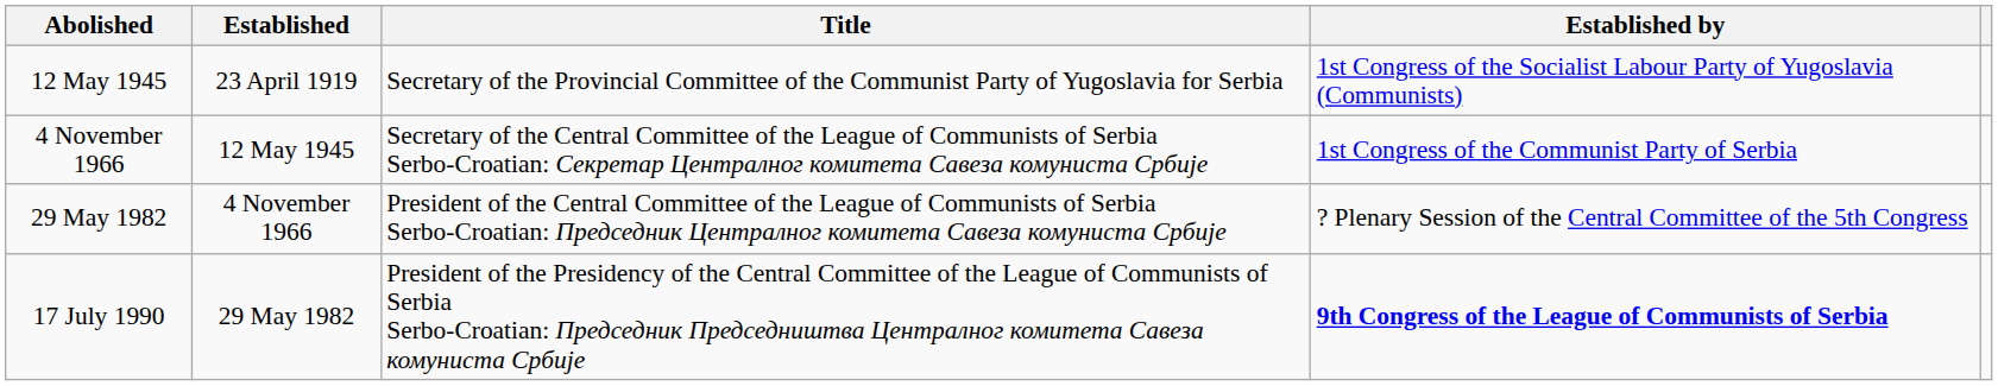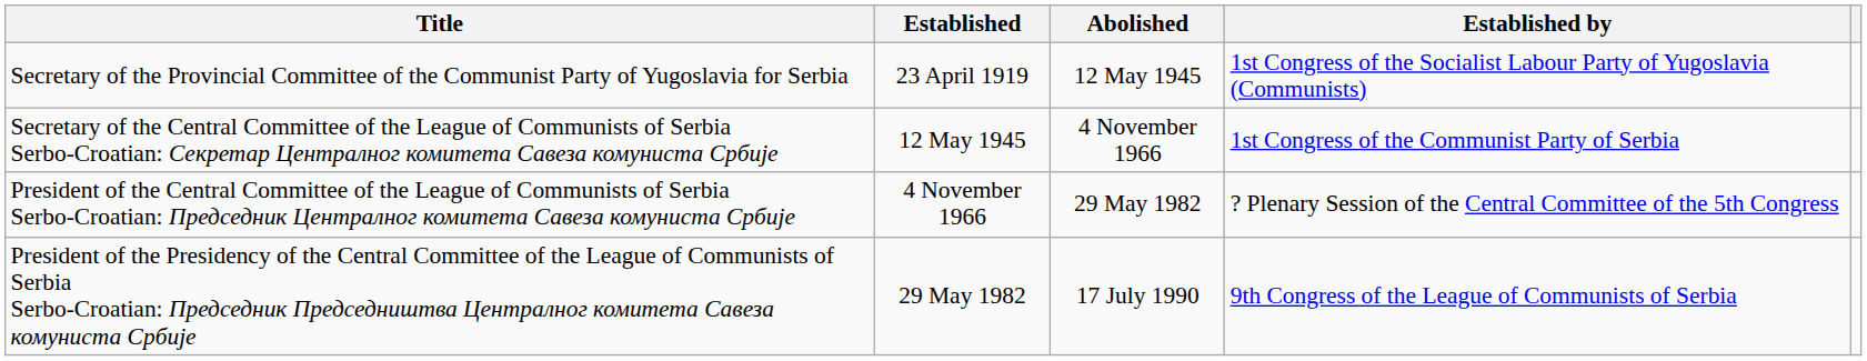 <table class="wikitable sortable">
 <tr>
+<th scope=col>Title</th>
+<th scope=col>Established</th>
 <th scope=col>Abolished</th>
-<th scope=col>Established</th>
-<th scope=col>Title</th>
 <th scope=col>Established by</th>
 <th scope=col class="unsortable"></th>
 </tr>
 <tr>
+<td>Secretary of the Provincial Committee of the Communist Party of Yugoslavia for Serbia<br></td>
+<td align="center">23 April 1919</td>
 <td align="center">12 May 1945</td>
-<td align="center">23 April 1919</td>
-<td>Secretary of the Provincial Committee of the Communist Party of Yugoslavia for Serbia<br></td>
 <td><a href='#'>1st Congress of the Socialist Labour Party of Yugoslavia (Communists)</a></td>
 <td align="center"></td>
 </tr>
 <tr>
+<td>Secretary of the Central Committee of the League of Communists of Serbia<br>Serbo-Croatian: <em>Секретар Централног комитета Савеза комуниста Србије</em></td>
+<td align="center">12 May 1945</td>
 <td align="center">4 November 1966</td>
-<td align="center">12 May 1945</td>
-<td>Secretary of the Central Committee of the League of Communists of Serbia<br>Serbo-Croatian: <em>Секретар Централног комитета Савеза комуниста Србије</em></td>
 <td><a href='#'>1st Congress of the Communist Party of Serbia</a></td>
 <td align="center"></td>
 </tr>
 <tr>
+<td>President of the Central Committee of the League of Communists of Serbia<br>Serbo-Croatian: <em>Председник Централног комитета Савеза комуниста Србије</em></td>
+<td align="center">4 November 1966</td>
 <td align="center">29 May 1982</td>
-<td align="center">4 November 1966</td>
-<td>President of the Central Committee of the League of Communists of Serbia<br>Serbo-Croatian: <em>Председник Централног комитета Савеза комуниста Србије</em></td>
 <td>? Plenary Session of the <a href='#'>Central Committee of the 5th Congress</a></td>
 <td align="center"></td>
 </tr>
 <tr>
+<td>President of the Presidency of the Central Committee of the League of Communists of Serbia<br>Serbo-Croatian: <em>Председник Председништва Централног комитета Савеза комуниста Србије</em></td>
+<td align="center">29 May 1982</td>
 <td align="center">17 July 1990</td>
-<td align="center">29 May 1982</td>
-<td>President of the Presidency of the Central Committee of the League of Communists of Serbia<br>Serbo-Croatian: <em>Председник Председништва Централног комитета Савеза комуниста Србије</em></td>
-<td><strong><a href='#'>9th Congress of the League of Communists of Serbia</a></strong></td>
+<td><a href='#'>9th Congress of the League of Communists of Serbia</a></td>
 <td align="center"></td>
 </tr>
 </table>
